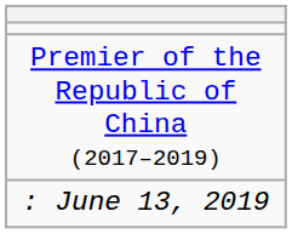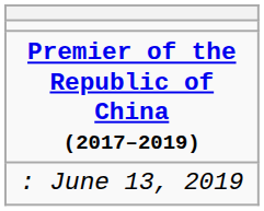 <table class="wikitable" style="font-size:90%">
 <tr>
 <th scope="col" style="width:8em; font-size:120%; background:"></th>
 </tr>
 <tr>
 <td></td>
 </tr>
 <tr style="text-align:center">
-<td><a href='#'>Premier of the Republic of China</a> <br><small>(2017–2019)</small></td>
+<td><strong><a href='#'>Premier of the Republic of China</a> <br><small>(2017–2019)</small></strong></td>
 </tr>
 <tr style="text-align:center">
 <td><em>: June 13, 2019</em></td>
 </tr>
 </table>
